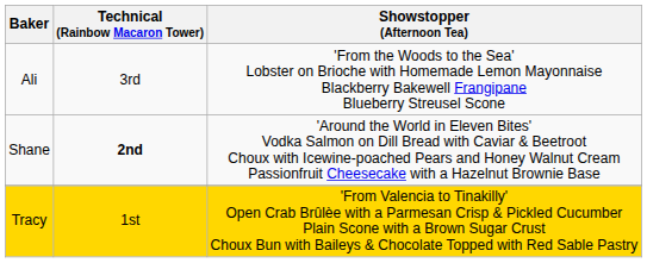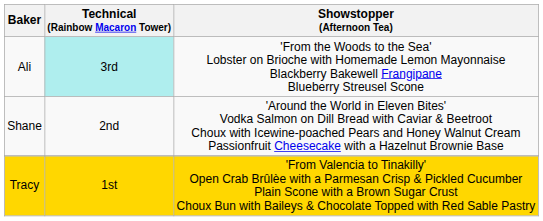 <table class="wikitable" style="text-align:center;">
 <tr>
 <th>Baker</th>
 <th>Technical<br><small>(Rainbow <a href='#'>Macaron</a> Tower)</small></th>
 <th>Showstopper<br><small>(Afternoon Tea)</small></th>
 </tr>
 <tr>
 <td>Ali</td>
-<td>3rd</td>
+<td style="background: paleturquoise;">3rd</td>
 <td>'From the Woods to the Sea'<br>Lobster on Brioche with Homemade Lemon Mayonnaise<br>Blackberry Bakewell <a href='#'>Frangipane</a><br> Blueberry Streusel Scone</td>
 </tr>
 <tr>
 <td>Shane</td>
-<td><strong>2nd</strong></td>
+<td>2nd</td>
 <td>'Around the World in Eleven Bites'<br>Vodka Salmon on Dill Bread with Caviar & Beetroot<br>Choux with Icewine-poached Pears and Honey Walnut Cream<br>Passionfruit <a href='#'>Cheesecake</a> with a Hazelnut Brownie Base</td>
 </tr>
 <tr>
 </tr>
 <tr style="background:gold">
 <td>Tracy</td>
 <td>1st</td>
 <td>'From Valencia to Tinakilly'<br> Open Crab Brûlèe with a Parmesan Crisp & Pickled Cucumber<br>Plain Scone with a Brown Sugar Crust<br>Choux Bun with Baileys & Chocolate Topped with Red Sable Pastry</td>
 </tr>
 </table>
